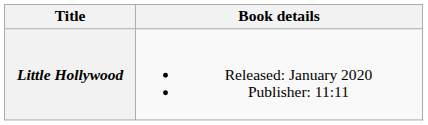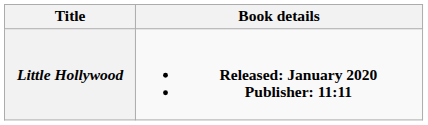 <table class="wikitable plainrowheaders" style="text-align:center;">
 <tr>
 <th scope="col" style="width:8em;">Title</th>
 <th scope="col" style="width:18em;">Book details</th>
 </tr>
 <tr>
 <th scope="row"><em>Little Hollywood</em></th>
-<td><br><ul><li>Released: January 2020</li><li>Publisher: 11:11</li></ul></td>
+<td><strong><br><ul><li>Released: January 2020</li><li>Publisher: 11:11</li></ul></strong></td>
 </tr>
 </table>
